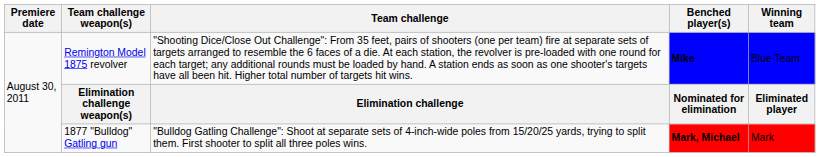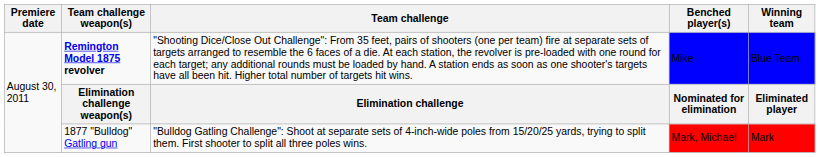 <table class="wikitable">
 <tr>
 <th>Premiere date</th>
 <th>Team challenge weapon(s)</th>
 <th>Team challenge</th>
 <th>Benched player(s)</th>
 <th>Winning team</th>
 </tr>
 <tr>
 <td rowspan="3">August 30, 2011</td>
-<td><a href='#'>Remington Model 1875</a> revolver</td>
+<td><strong><a href='#'>Remington Model 1875</a> revolver</strong></td>
 <td>"Shooting Dice/Close Out Challenge": From 35 feet, pairs of shooters (one per team) fire at separate sets of targets arranged to resemble the 6 faces of a die. At each station, the revolver is pre-loaded with one round for each target; any additional rounds must be loaded by hand. A station ends as soon as one shooter's targets have all been hit. Higher total number of targets hit wins.</td>
-<td style="background:blue;"><strong><span>Mike</span></strong></td>
+<td style="background:blue;"><span>Mike</span></td>
 <td style="background:blue;"><span>Blue Team</span></td>
 </tr>
 <tr>
 <th>Elimination challenge weapon(s)</th>
 <th>Elimination challenge</th>
 <th>Nominated for elimination</th>
 <th>Eliminated player</th>
 </tr>
 <tr>
 <td>1877 "Bulldog" <a href='#'>Gatling gun</a></td>
 <td>"Bulldog Gatling Challenge": Shoot at separate sets of 4-inch-wide poles from 15/20/25 yards, trying to split them. First shooter to split all three poles wins.</td>
-<td style="background:red;"><strong><span>Mark, Michael</span></strong></td>
+<td style="background:red;"><span>Mark, Michael</span></td>
 <td style="background:red;"><span>Mark</span></td>
 </tr>
 </table>
